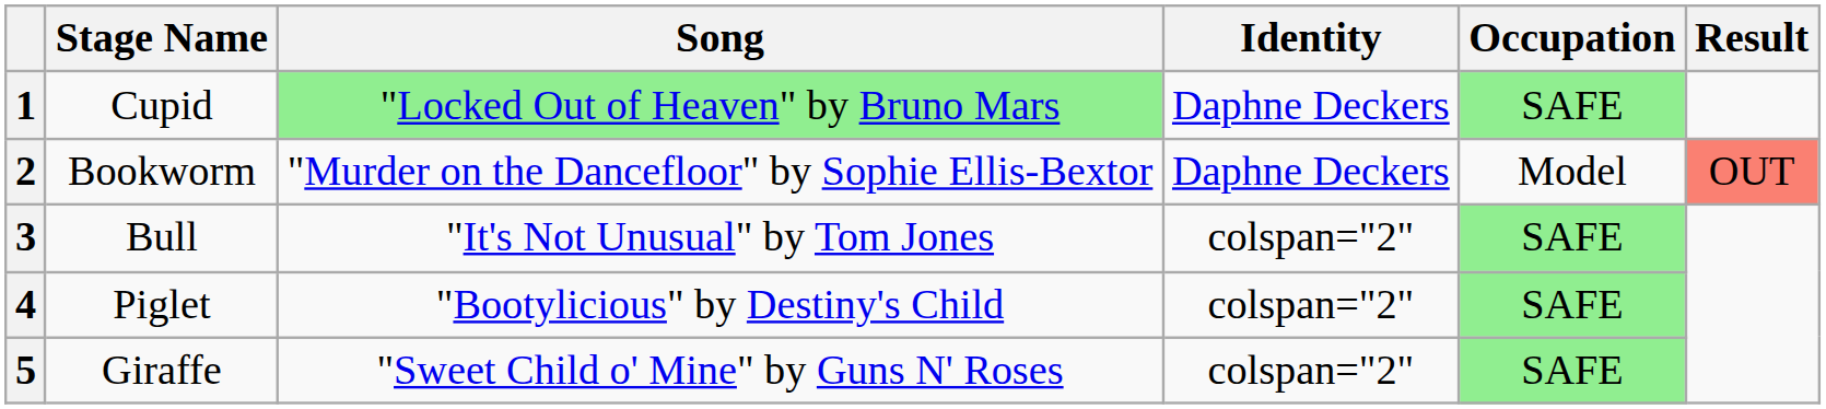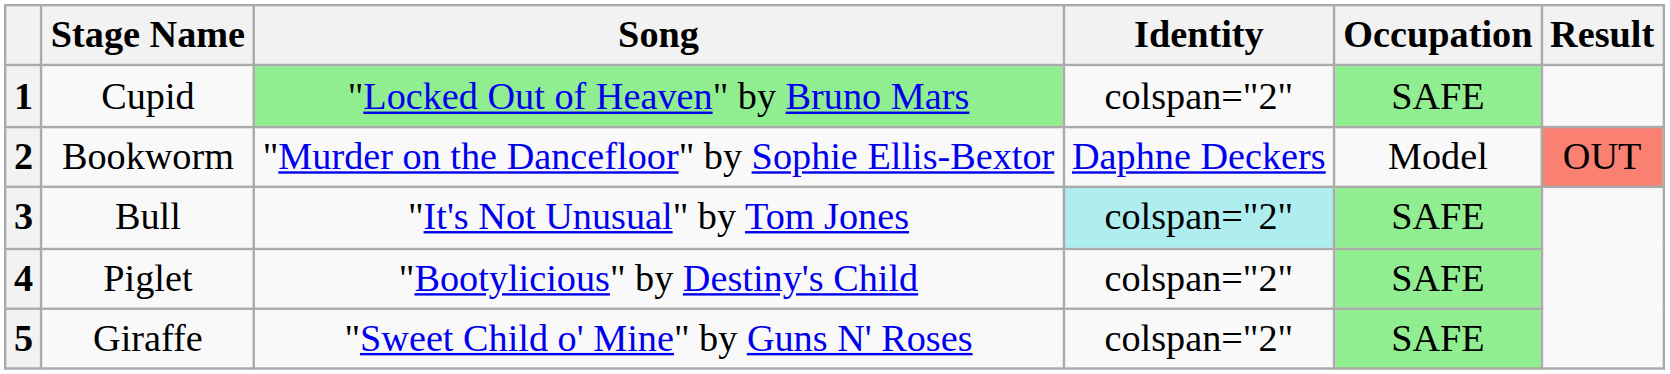 <table class="wikitable plainrowheaders" style="text-align: center;">
 <tr>
 <th></th>
 <th><strong>Stage Name</strong></th>
 <th><strong>Song</strong></th>
 <th>Identity</th>
 <th><strong>Occupation</strong></th>
 <th>Result</th>
 </tr>
 <tr>
 <th>1</th>
 <td>Cupid</td>
 <td style="background: lightgreen;">"<a href='#'>Locked Out of Heaven</a>" by <a href='#'>Bruno Mars</a></td>
-<td><a href='#'>Daphne Deckers</a></td>
+<td>colspan="2" </td>
 <td bgcolor="lightgreen">SAFE</td>
 </tr>
 <tr>
 <th>2</th>
 <td>Bookworm</td>
 <td>"<a href='#'>Murder on the Dancefloor</a>" by <a href='#'>Sophie Ellis-Bextor</a></td>
 <td><a href='#'>Daphne Deckers</a></td>
 <td>Model</td>
 <td bgcolor="salmon">OUT</td>
 </tr>
 <tr>
 <th>3</th>
 <td>Bull</td>
 <td>"<a href='#'>It's Not Unusual</a>" by <a href='#'>Tom Jones</a></td>
-<td>colspan="2" </td>
+<td style="background: paleturquoise;">colspan="2" </td>
 <td bgcolor="lightgreen">SAFE</td>
 </tr>
 <tr>
 <th>4</th>
 <td>Piglet</td>
 <td>"<a href='#'>Bootylicious</a>" by <a href='#'>Destiny's Child</a></td>
 <td>colspan="2" </td>
 <td bgcolor="lightgreen">SAFE</td>
 </tr>
 <tr>
 <th>5</th>
 <td>Giraffe</td>
 <td>"<a href='#'>Sweet Child o' Mine</a>" by <a href='#'>Guns N' Roses</a></td>
 <td>colspan="2" </td>
 <td bgcolor="lightgreen">SAFE</td>
 </tr>
 </table>
